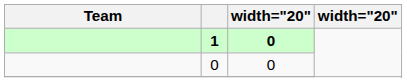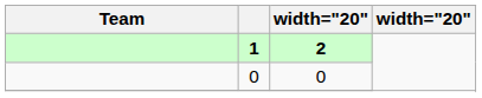 <table class="wikitable" style="text-align:center">
 <tr>
 <th width="200">Team</th>
 <th width="20"></th>
 <th>width="20" </th>
 <th>width="20" </th>
 </tr>
 <tr style="background:#cfc">
 <td align="left"><strong></strong></td>
 <td><strong>1</strong></td>
-<td><strong>0</strong></td>
+<td><strong>2</strong></td>
 </tr>
 <tr>
 <td align="left"></td>
 <td>0</td>
 <td>0</td>
 </tr>
 <tr>
 </tr>
 </table>
